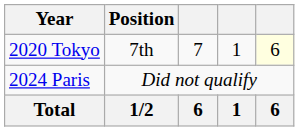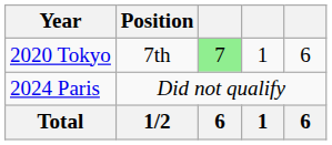 <table class="wikitable" style="text-align: center;">
 <tr>
 <th>Year</th>
 <th>Position</th>
 <th width=25px></th>
 <th width=25px></th>
 <th width=25px></th>
 </tr>
 <tr>
 <td style="text-align: left;"> <a href='#'>2020 Tokyo</a></td>
 <td>7th</td>
-<td>7</td>
+<td style="background: lightgreen;">7</td>
 <td>1</td>
-<td style="background: lightyellow;">6</td>
+<td>6</td>
 </tr>
 <tr>
 <td style="text-align: left;"> <a href='#'>2024 Paris</a></td>
 <td colspan=4><em>Did not qualify</em></td>
 </tr>
 <tr>
 <th>Total</th>
 <th>1/2</th>
 <th>6</th>
 <th>1</th>
 <th>6</th>
 </tr>
 </table>
